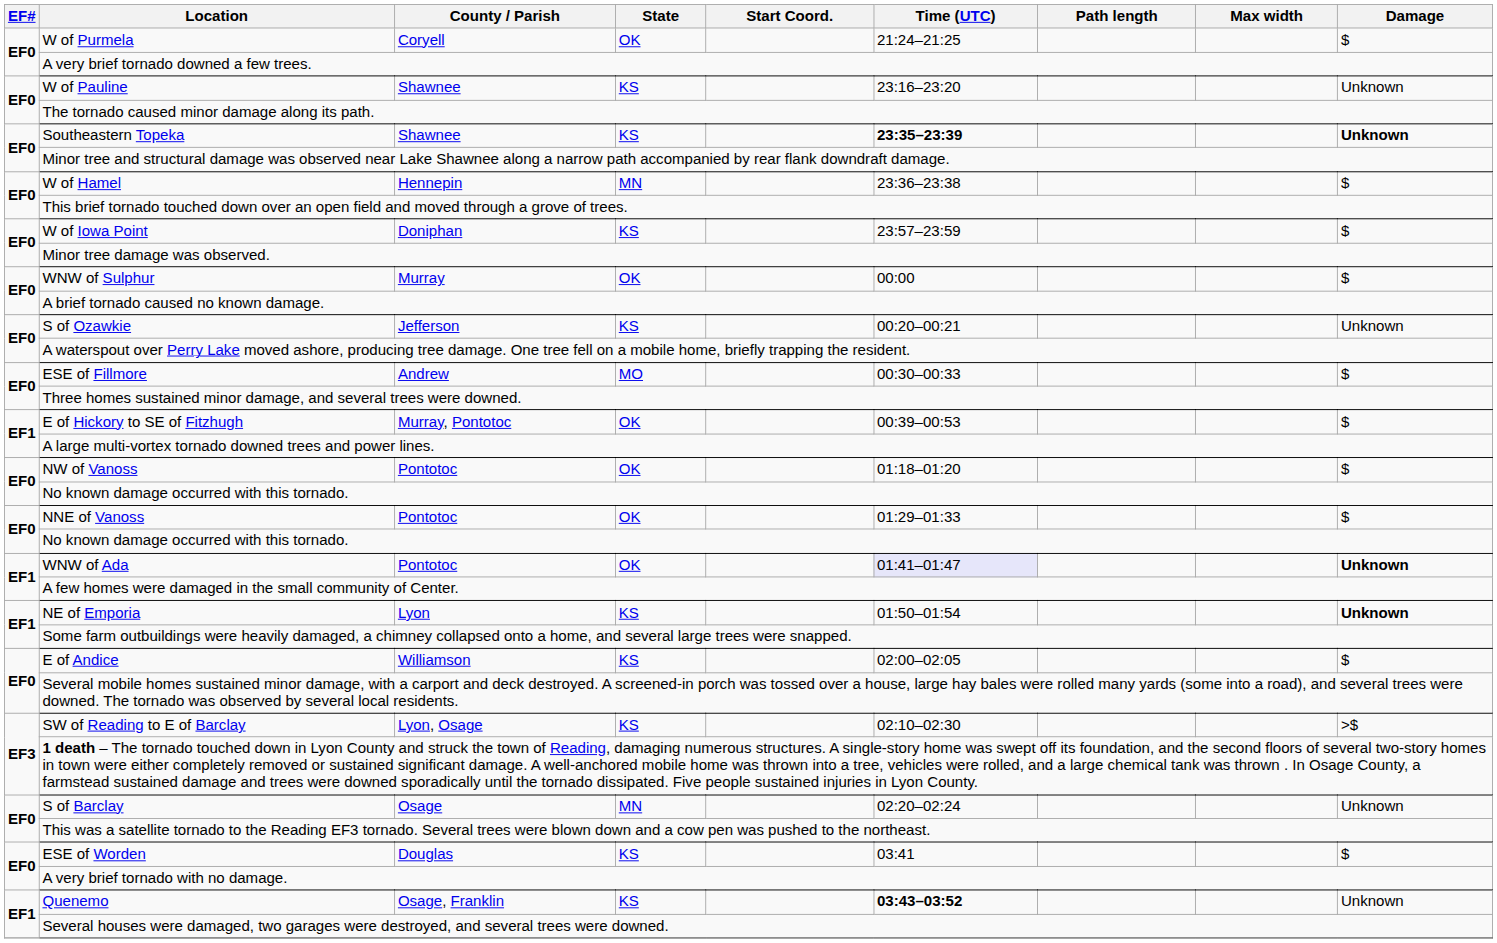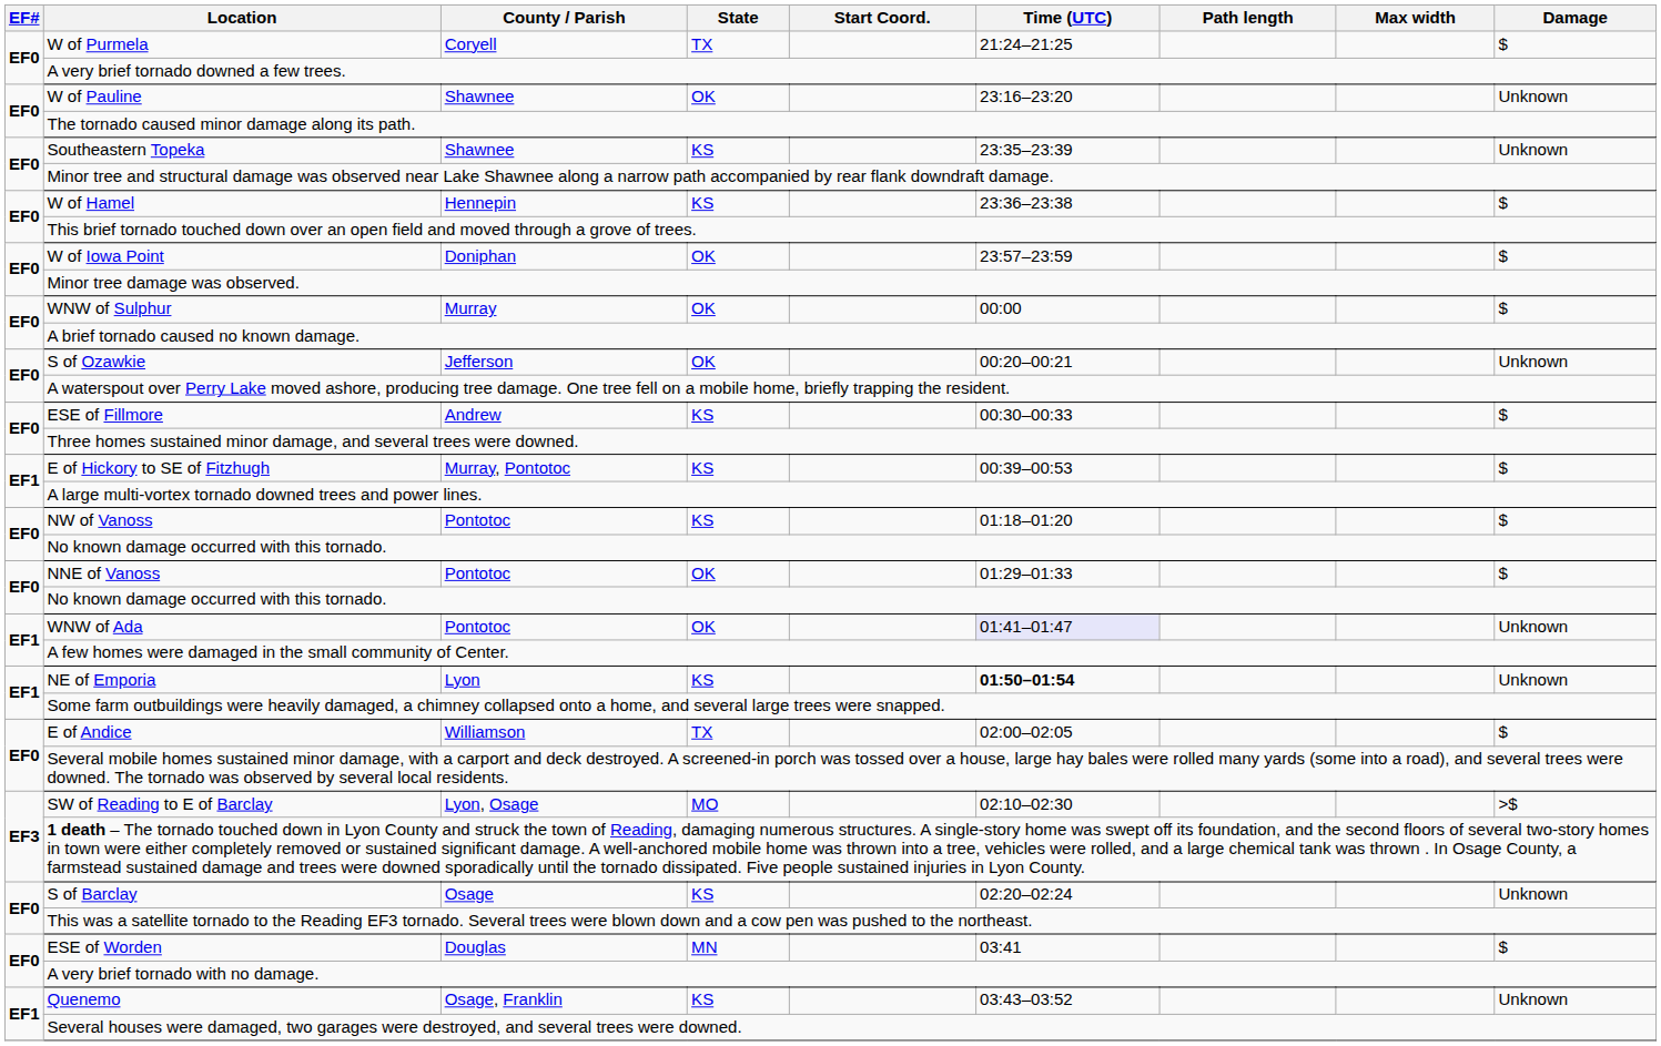 <table class="wikitable sortable" style="width:100%;">
 <tr>
 <th scope="col" width="2%" align="center"><a href='#'>EF#</a></th>
 <th scope="col" align="center" class="unsortable">Location</th>
 <th scope="col" align="center" class="unsortable">County / Parish</th>
 <th scope="col" align="center">State</th>
 <th scope="col" align="center" data-sort-type="number">Start Coord.</th>
 <th scope="col" align="center" data-sort-type="number">Time (<a href='#'>UTC</a>)</th>
 <th scope="col" align="center" data-sort-type="number">Path length</th>
 <th scope="col" align="center" data-sort-type="number">Max width</th>
 <th scope="col" align="center">Damage</th>
 </tr>
 <tr>
 <td rowspan="2" align="center"><strong>EF0</strong></td>
 <td>W of <a href='#'>Purmela</a></td>
 <td><a href='#'>Coryell</a></td>
-<td><a href='#'>OK</a></td>
+<td><a href='#'>TX</a></td>
 <td></td>
 <td>21:24–21:25</td>
 <td></td>
 <td></td>
 <td>$</td>
 </tr>
 <tr class="expand-child">
 <td colspan="8" style=" border-bottom: 1px solid black;">A very brief tornado downed a few trees.</td>
 </tr>
 <tr>
 <td rowspan="2" align="center"><strong>EF0</strong></td>
 <td>W of <a href='#'>Pauline</a></td>
 <td><a href='#'>Shawnee</a></td>
-<td><a href='#'>KS</a></td>
+<td><a href='#'>OK</a></td>
 <td></td>
 <td>23:16–23:20</td>
 <td></td>
 <td></td>
 <td>Unknown</td>
 </tr>
 <tr class="expand-child">
 <td colspan="8" style=" border-bottom: 1px solid black;">The tornado caused minor damage along its path.</td>
 </tr>
 <tr>
 <td rowspan="2" align="center"><strong>EF0</strong></td>
 <td>Southeastern <a href='#'>Topeka</a></td>
 <td><a href='#'>Shawnee</a></td>
 <td><a href='#'>KS</a></td>
 <td></td>
-<td><strong>23:35–23:39</strong></td>
+<td>23:35–23:39</td>
 <td></td>
 <td></td>
-<td><strong>Unknown</strong></td>
+<td>Unknown</td>
 </tr>
 <tr class="expand-child">
 <td colspan="8" style=" border-bottom: 1px solid black;">Minor tree and structural damage was observed near Lake Shawnee along a narrow path accompanied by rear flank downdraft damage.</td>
 </tr>
 <tr>
 <td rowspan="2" align="center"><strong>EF0</strong></td>
 <td>W of <a href='#'>Hamel</a></td>
 <td><a href='#'>Hennepin</a></td>
-<td><a href='#'>MN</a></td>
+<td><a href='#'>KS</a></td>
 <td></td>
 <td>23:36–23:38</td>
 <td></td>
 <td></td>
 <td>$</td>
 </tr>
 <tr class="expand-child">
 <td colspan="8" style=" border-bottom: 1px solid black;">This brief tornado touched down over an open field and moved through a grove of trees.</td>
 </tr>
 <tr>
 <td rowspan="2" align="center"><strong>EF0</strong></td>
 <td>W of <a href='#'>Iowa Point</a></td>
 <td><a href='#'>Doniphan</a></td>
-<td><a href='#'>KS</a></td>
+<td><a href='#'>OK</a></td>
 <td></td>
 <td>23:57–23:59</td>
 <td></td>
 <td></td>
 <td>$</td>
 </tr>
 <tr class="expand-child">
 <td colspan="8" style=" border-bottom: 1px solid black;">Minor tree damage was observed.</td>
 </tr>
 <tr>
 <td rowspan="2" align="center"><strong>EF0</strong></td>
 <td>WNW of <a href='#'>Sulphur</a></td>
 <td><a href='#'>Murray</a></td>
 <td><a href='#'>OK</a></td>
 <td></td>
 <td>00:00</td>
 <td></td>
 <td></td>
 <td>$</td>
 </tr>
 <tr class="expand-child">
 <td colspan="8" style=" border-bottom: 1px solid black;">A brief tornado caused no known damage.</td>
 </tr>
 <tr>
 <td rowspan="2" align="center"><strong>EF0</strong></td>
 <td>S of <a href='#'>Ozawkie</a></td>
 <td><a href='#'>Jefferson</a></td>
-<td><a href='#'>KS</a></td>
+<td><a href='#'>OK</a></td>
 <td></td>
 <td>00:20–00:21</td>
 <td></td>
 <td></td>
 <td>Unknown</td>
 </tr>
 <tr class="expand-child">
 <td colspan="8" style=" border-bottom: 1px solid black;">A waterspout over <a href='#'>Perry Lake</a> moved ashore, producing tree damage. One tree fell on a mobile home, briefly trapping the resident.</td>
 </tr>
 <tr>
 <td rowspan="2" align="center"><strong>EF0</strong></td>
 <td>ESE of <a href='#'>Fillmore</a></td>
 <td><a href='#'>Andrew</a></td>
-<td><a href='#'>MO</a></td>
+<td><a href='#'>KS</a></td>
 <td></td>
 <td>00:30–00:33</td>
 <td></td>
 <td></td>
 <td>$</td>
 </tr>
 <tr class="expand-child">
 <td colspan="8" style=" border-bottom: 1px solid black;">Three homes sustained minor damage, and several trees were downed.</td>
 </tr>
 <tr>
 <td rowspan="2" align="center"><strong>EF1</strong></td>
 <td>E of <a href='#'>Hickory</a> to SE of <a href='#'>Fitzhugh</a></td>
 <td><a href='#'>Murray</a>, <a href='#'>Pontotoc</a></td>
-<td><a href='#'>OK</a></td>
+<td><a href='#'>KS</a></td>
 <td></td>
 <td>00:39–00:53</td>
 <td></td>
 <td></td>
 <td>$</td>
 </tr>
 <tr class="expand-child">
 <td colspan="8" style=" border-bottom: 1px solid black;">A large multi-vortex tornado downed trees and power lines.</td>
 </tr>
 <tr>
 <td rowspan="2" align="center"><strong>EF0</strong></td>
 <td>NW of <a href='#'>Vanoss</a></td>
 <td><a href='#'>Pontotoc</a></td>
-<td><a href='#'>OK</a></td>
+<td><a href='#'>KS</a></td>
 <td></td>
 <td>01:18–01:20</td>
 <td></td>
 <td></td>
 <td>$</td>
 </tr>
 <tr class="expand-child">
 <td colspan="8" style=" border-bottom: 1px solid black;">No known damage occurred with this tornado.</td>
 </tr>
 <tr>
 <td rowspan="2" align="center"><strong>EF0</strong></td>
 <td>NNE of <a href='#'>Vanoss</a></td>
 <td><a href='#'>Pontotoc</a></td>
 <td><a href='#'>OK</a></td>
 <td></td>
 <td>01:29–01:33</td>
 <td></td>
 <td></td>
 <td>$</td>
 </tr>
 <tr class="expand-child">
 <td colspan="8" style=" border-bottom: 1px solid black;">No known damage occurred with this tornado.</td>
 </tr>
 <tr>
 <td rowspan="2" align="center"><strong>EF1</strong></td>
 <td>WNW of <a href='#'>Ada</a></td>
 <td><a href='#'>Pontotoc</a></td>
 <td><a href='#'>OK</a></td>
 <td></td>
 <td style="background: lavender;">01:41–01:47</td>
 <td></td>
 <td></td>
-<td><strong>Unknown</strong></td>
+<td>Unknown</td>
 </tr>
 <tr class="expand-child">
 <td colspan="8" style=" border-bottom: 1px solid black;">A few homes were damaged in the small community of Center.</td>
 </tr>
 <tr>
 <td rowspan="2" align="center"><strong>EF1</strong></td>
 <td>NE of <a href='#'>Emporia</a></td>
 <td><a href='#'>Lyon</a></td>
 <td><a href='#'>KS</a></td>
 <td></td>
-<td>01:50–01:54</td>
+<td><strong>01:50–01:54</strong></td>
 <td></td>
 <td></td>
-<td><strong>Unknown</strong></td>
+<td>Unknown</td>
 </tr>
 <tr class="expand-child">
 <td colspan="8" style=" border-bottom: 1px solid black;">Some farm outbuildings were heavily damaged, a chimney collapsed onto a home, and several large trees were snapped.</td>
 </tr>
 <tr>
 <td rowspan="2" align="center"><strong>EF0</strong></td>
 <td>E of <a href='#'>Andice</a></td>
 <td><a href='#'>Williamson</a></td>
-<td><a href='#'>KS</a></td>
+<td><a href='#'>TX</a></td>
 <td></td>
 <td>02:00–02:05</td>
 <td></td>
 <td></td>
 <td>$</td>
 </tr>
 <tr class="expand-child">
 <td colspan="8" style=" border-bottom: 1px solid black;">Several mobile homes sustained minor damage, with a carport and deck destroyed. A screened-in porch was tossed over a house, large hay bales were rolled many yards (some into a road), and several trees were downed. The tornado was observed by several local residents.</td>
 </tr>
 <tr>
 <td rowspan="2" align="center"><strong>EF3</strong></td>
 <td>SW of <a href='#'>Reading</a> to E of <a href='#'>Barclay</a></td>
 <td><a href='#'>Lyon</a>, <a href='#'>Osage</a></td>
-<td><a href='#'>KS</a></td>
+<td><a href='#'>MO</a></td>
 <td></td>
 <td>02:10–02:30</td>
 <td></td>
 <td></td>
 <td>>$</td>
 </tr>
 <tr class="expand-child">
 <td colspan="8" style=" border-bottom: 1px solid black;"><strong>1 death</strong> – The tornado touched down in Lyon County and struck the town of <a href='#'>Reading</a>, damaging numerous structures. A single-story home was swept off its foundation, and the second floors of several two-story homes in town were either completely removed or sustained significant damage. A well-anchored mobile home was thrown  into a tree, vehicles were rolled, and a large chemical tank was thrown . In Osage County, a farmstead sustained damage and trees were downed sporadically until the tornado dissipated. Five people sustained injuries in Lyon County.</td>
 </tr>
 <tr>
 <td rowspan="2" align="center"><strong>EF0</strong></td>
 <td>S of <a href='#'>Barclay</a></td>
 <td><a href='#'>Osage</a></td>
-<td><a href='#'>MN</a></td>
+<td><a href='#'>KS</a></td>
 <td></td>
 <td>02:20–02:24</td>
 <td></td>
 <td></td>
 <td>Unknown</td>
 </tr>
 <tr class="expand-child">
 <td colspan="8" style=" border-bottom: 1px solid black;">This was a satellite tornado to the Reading EF3 tornado. Several trees were blown down and a cow pen was pushed to the northeast.</td>
 </tr>
 <tr>
 <td rowspan="2" align="center"><strong>EF0</strong></td>
 <td>ESE of <a href='#'>Worden</a></td>
 <td><a href='#'>Douglas</a></td>
-<td><a href='#'>KS</a></td>
+<td><a href='#'>MN</a></td>
 <td></td>
 <td>03:41</td>
 <td></td>
 <td></td>
 <td>$</td>
 </tr>
 <tr class="expand-child">
 <td colspan="8" style=" border-bottom: 1px solid black;">A very brief tornado with no damage.</td>
 </tr>
 <tr>
 <td rowspan="2" align="center"><strong>EF1</strong></td>
 <td><a href='#'>Quenemo</a></td>
 <td><a href='#'>Osage</a>, <a href='#'>Franklin</a></td>
 <td><a href='#'>KS</a></td>
 <td></td>
-<td><strong>03:43–03:52</strong></td>
+<td>03:43–03:52</td>
 <td></td>
 <td></td>
 <td>Unknown</td>
 </tr>
 <tr class="expand-child">
 <td colspan="8" style=" border-bottom: 1px solid black;">Several houses were damaged, two garages were destroyed, and several trees were downed.</td>
 </tr>
 <tr>
 </tr>
 </table>
